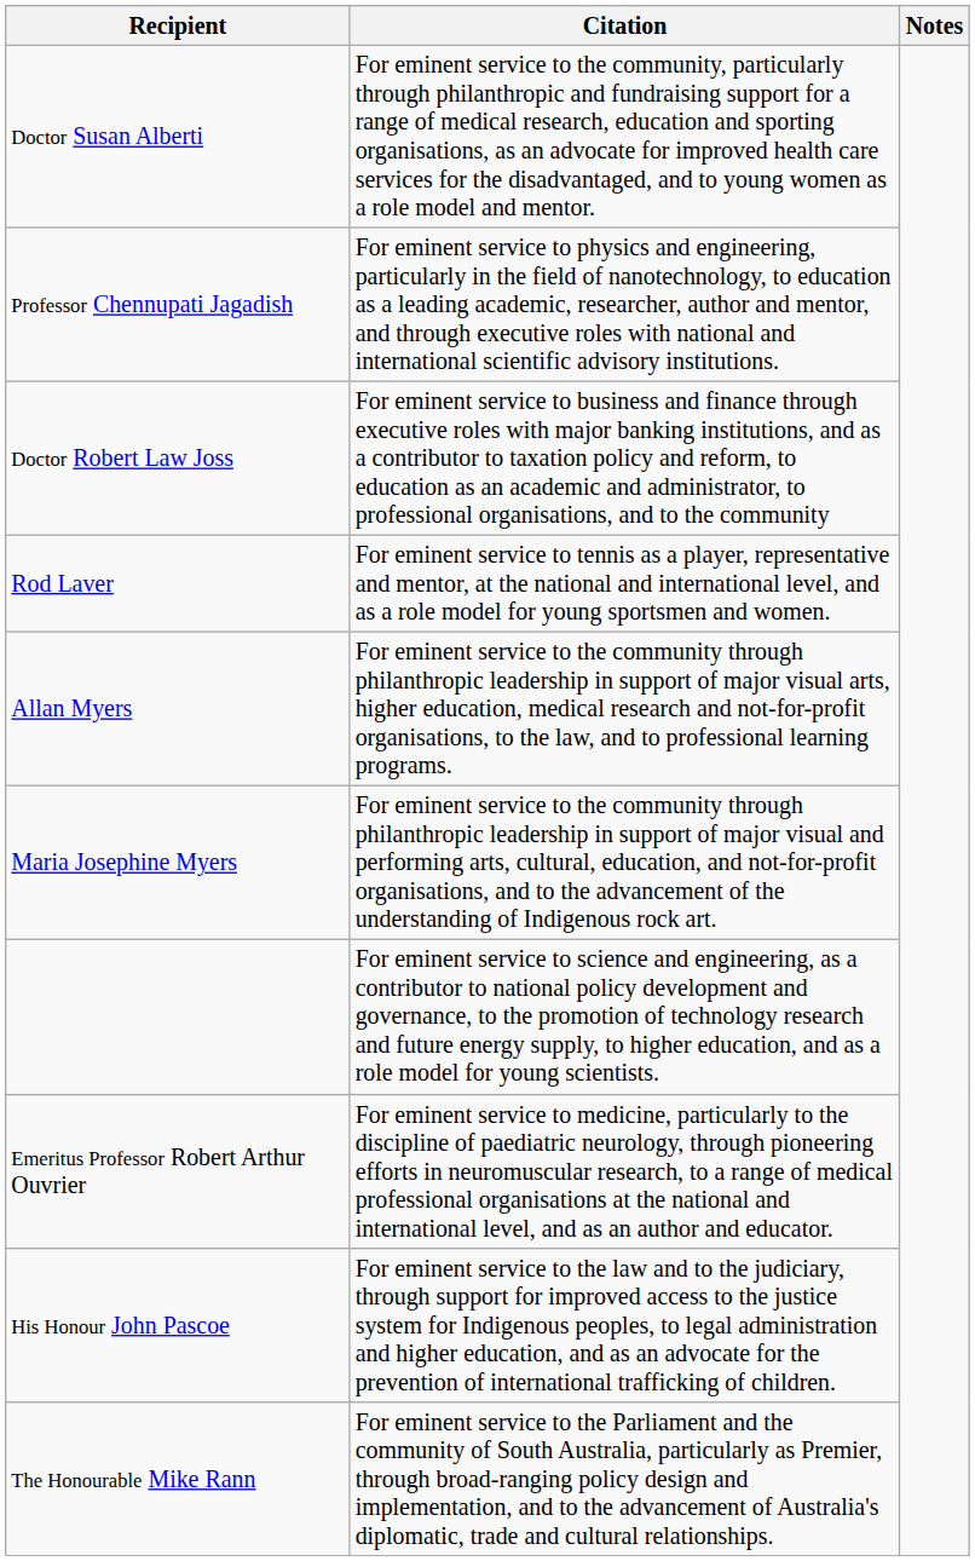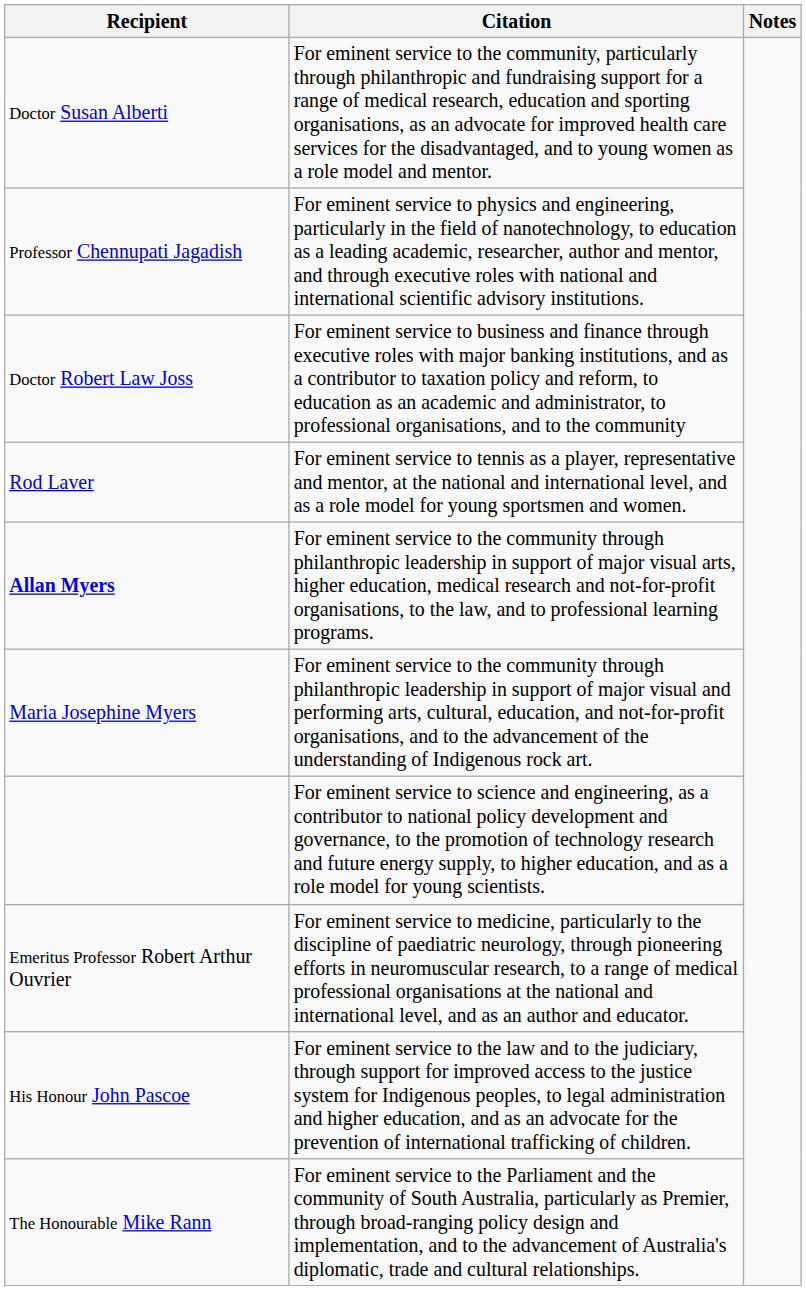 <table class="wikitable" style="font-size:95%;">
 <tr>
 <th width="210">Recipient</th>
 <th>Citation</th>
 <th>Notes</th>
 </tr>
 <tr>
 <td><small>Doctor</small> <a href='#'>Susan Alberti</a> </td>
 <td>For eminent service to the community, particularly through philanthropic and fundraising support for a range of medical research, education and sporting organisations, as an advocate for improved health care services for the disadvantaged, and to young women as a role model and mentor.</td>
 <td rowspan=10></td>
 </tr>
 <tr>
 <td><small>Professor</small> <a href='#'>Chennupati Jagadish</a></td>
 <td>For eminent service to physics and engineering, particularly in the field of nanotechnology, to education as a leading academic, researcher, author and mentor, and through executive roles with national and international scientific advisory institutions.</td>
 </tr>
 <tr>
 <td><small>Doctor</small> <a href='#'>Robert Law Joss</a></td>
 <td>For eminent service to business and finance through executive roles with major banking institutions, and as a contributor to taxation policy and reform, to education as an academic and administrator, to professional organisations, and to the community</td>
 </tr>
 <tr>
 <td><a href='#'>Rod Laver</a> </td>
 <td>For eminent service to tennis as a player, representative and mentor, at the national and international level, and as a role model for young sportsmen and women.</td>
 </tr>
 <tr>
-<td><a href='#'>Allan Myers</a> </td>
+<td><strong><a href='#'>Allan Myers</a> </strong></td>
 <td>For eminent service to the community through philanthropic leadership in support of major visual arts, higher education, medical research and not-for-profit organisations, to the law, and to professional learning programs.</td>
 </tr>
 <tr>
 <td><a href='#'>Maria Josephine Myers</a> </td>
 <td>For eminent service to the community through philanthropic leadership in support of major visual and performing arts, cultural, education, and not-for-profit organisations, and to the advancement of the understanding of Indigenous rock art.</td>
 </tr>
 <tr>
 <td></td>
 <td>For eminent service to science and engineering, as a contributor to national policy development and governance, to the promotion of technology research and future energy supply, to higher education, and as a role model for young scientists.</td>
 </tr>
 <tr>
 <td><small>Emeritus Professor</small> Robert Arthur Ouvrier </td>
 <td>For eminent service to medicine, particularly to the discipline of paediatric neurology, through pioneering efforts in neuromuscular research, to a range of medical professional organisations at the national and international level, and as an author and educator.</td>
 </tr>
 <tr>
 <td><small>His Honour</small> <a href='#'>John Pascoe</a> </td>
 <td>For eminent service to the law and to the judiciary, through support for improved access to the justice system for Indigenous peoples, to legal administration and higher education, and as an advocate for the prevention of international trafficking of children.</td>
 </tr>
 <tr>
 <td><small>The Honourable</small> <a href='#'>Mike Rann</a> </td>
 <td>For eminent service to the Parliament and the community of South Australia, particularly as Premier, through broad-ranging policy design and implementation, and to the advancement of Australia's diplomatic, trade and cultural relationships.</td>
 </tr>
 <tr>
 </tr>
 </table>
